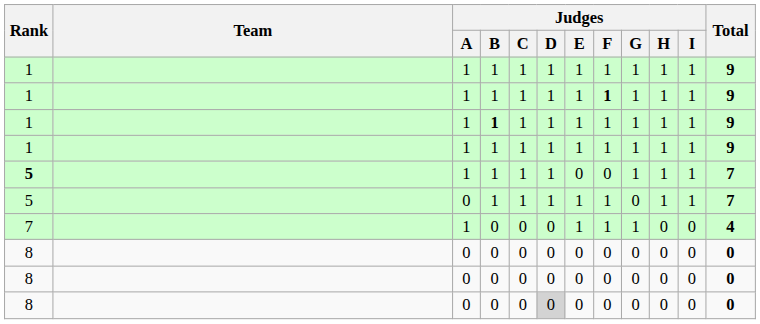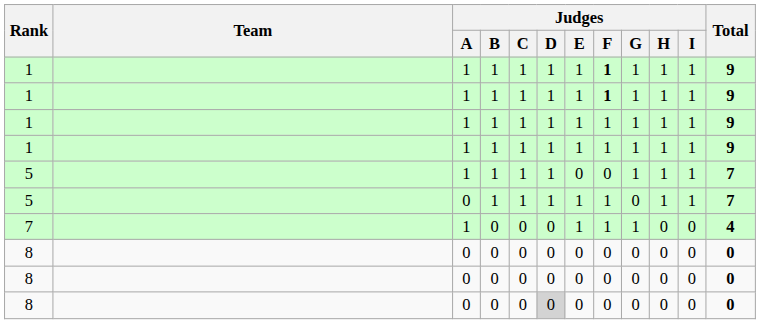 <table class=wikitable style="text-align:center">
 <tr>
 <th rowspan="2" width=40>Rank</th>
 <th rowspan="2" width=380>Team</th>
 <th colspan="9">Judges</th>
 <th rowspan="2" width=40>Total</th>
 </tr>
 <tr>
 <th width=20>A</th>
 <th width=20>B</th>
 <th width=20>C</th>
 <th width=20>D</th>
 <th width=20>E</th>
 <th width=20>F</th>
 <th width=20>G</th>
 <th width=20>H</th>
 <th width=20>I</th>
 </tr>
 <tr bgcolor="ccffcc">
 <td>1</td>
 <td align=left></td>
 <td>1</td>
 <td>1</td>
 <td>1</td>
 <td>1</td>
 <td>1</td>
-<td>1</td>
+<td><strong>1</strong></td>
 <td>1</td>
 <td>1</td>
 <td>1</td>
 <td><strong>9</strong></td>
 </tr>
 <tr bgcolor="ccffcc">
 <td>1</td>
 <td align=left></td>
 <td>1</td>
 <td>1</td>
 <td>1</td>
 <td>1</td>
 <td>1</td>
 <td><strong>1</strong></td>
 <td>1</td>
 <td>1</td>
 <td>1</td>
 <td><strong>9</strong></td>
 </tr>
 <tr bgcolor="ccffcc">
 <td>1</td>
 <td align=left></td>
 <td>1</td>
-<td><strong>1</strong></td>
+<td>1</td>
 <td>1</td>
 <td>1</td>
 <td>1</td>
 <td>1</td>
 <td>1</td>
 <td>1</td>
 <td>1</td>
 <td><strong>9</strong></td>
 </tr>
 <tr bgcolor="ccffcc">
 <td>1</td>
 <td align=left></td>
 <td>1</td>
 <td>1</td>
 <td>1</td>
 <td>1</td>
 <td>1</td>
 <td>1</td>
 <td>1</td>
 <td>1</td>
 <td>1</td>
 <td><strong>9</strong></td>
 </tr>
 <tr bgcolor="ccffcc">
-<td><strong>5</strong></td>
+<td>5</td>
 <td align=left></td>
 <td>1</td>
 <td>1</td>
 <td>1</td>
 <td>1</td>
 <td>0</td>
 <td>0</td>
 <td>1</td>
 <td>1</td>
 <td>1</td>
 <td><strong>7</strong></td>
 </tr>
 <tr bgcolor="ccffcc">
 <td>5</td>
 <td align=left></td>
 <td>0</td>
 <td>1</td>
 <td>1</td>
 <td>1</td>
 <td>1</td>
 <td>1</td>
 <td>0</td>
 <td>1</td>
 <td>1</td>
 <td><strong>7</strong></td>
 </tr>
 <tr bgcolor="ccffcc">
 <td>7</td>
 <td align=left></td>
 <td>1</td>
 <td>0</td>
 <td>0</td>
 <td>0</td>
 <td>1</td>
 <td>1</td>
 <td>1</td>
 <td>0</td>
 <td>0</td>
 <td><strong>4</strong></td>
 </tr>
 <tr>
 <td>8</td>
 <td align=left></td>
 <td>0</td>
 <td>0</td>
 <td>0</td>
 <td>0</td>
 <td>0</td>
 <td>0</td>
 <td>0</td>
 <td>0</td>
 <td>0</td>
 <td><strong>0</strong></td>
 </tr>
 <tr>
 <td>8</td>
 <td align=left></td>
 <td>0</td>
 <td>0</td>
 <td>0</td>
 <td>0</td>
 <td>0</td>
 <td>0</td>
 <td>0</td>
 <td>0</td>
 <td>0</td>
 <td><strong>0</strong></td>
 </tr>
 <tr>
 <td>8</td>
 <td align=left></td>
 <td>0</td>
 <td>0</td>
 <td>0</td>
 <td style="background: lightgrey;">0</td>
 <td>0</td>
 <td>0</td>
 <td>0</td>
 <td>0</td>
 <td>0</td>
 <td><strong>0</strong></td>
 </tr>
 </table>
